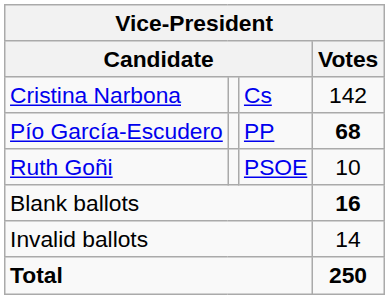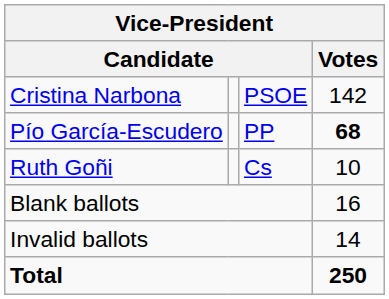 <table class="wikitable" style="font-size:95%; text-align:center;">
 <tr>
 <th colspan="4">Vice-President</th>
 </tr>
 <tr>
 <th colspan="3">Candidate</th>
 <th>Votes</th>
 </tr>
 <tr>
 <td align="left"> <a href='#'>Cristina Narbona</a></td>
 <td style="background:"></td>
-<td align="left"><a href='#'>Cs</a></td>
+<td align="left"><a href='#'>PSOE</a></td>
 <td>142</td>
 </tr>
 <tr>
 <td align="left"> <a href='#'>Pío García-Escudero</a></td>
 <td style="background:"></td>
 <td align="left"><a href='#'>PP</a></td>
 <td><strong>68</strong></td>
 </tr>
 <tr>
 <td align="left"> <a href='#'>Ruth Goñi</a></td>
 <td style="background:"></td>
-<td align="left"><a href='#'>PSOE</a></td>
+<td align="left"><a href='#'>Cs</a></td>
 <td>10</td>
 </tr>
 <tr>
 <td align=left colspan="3">Blank ballots</td>
-<td><strong>16</strong></td>
+<td>16</td>
 </tr>
 <tr>
 <td align=left colspan="3">Invalid ballots</td>
 <td>14</td>
 </tr>
 <tr style="font-weight:bold">
 <td align=left colspan="3">Total</td>
 <td>250</td>
 </tr>
 </table>
